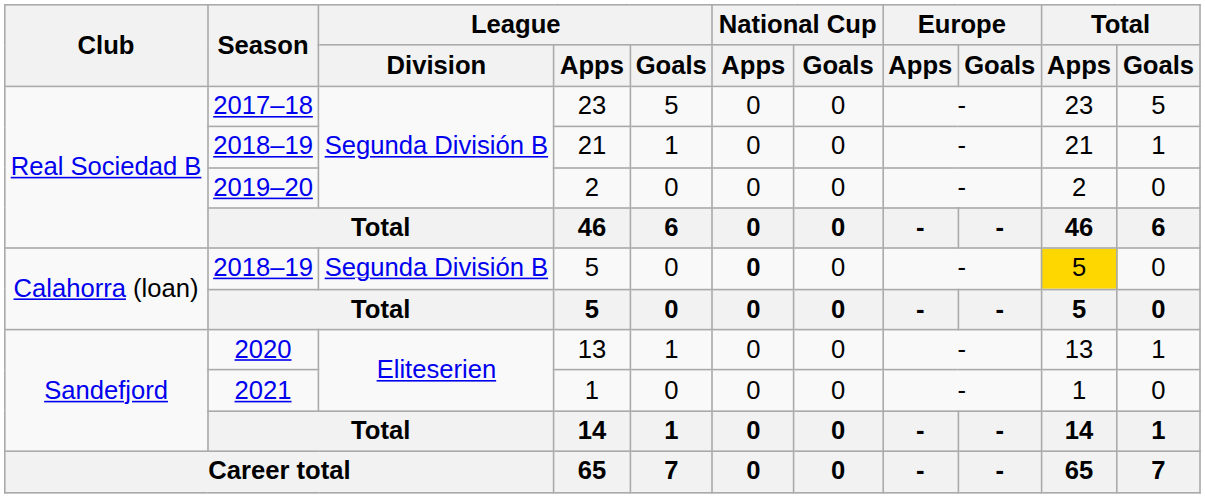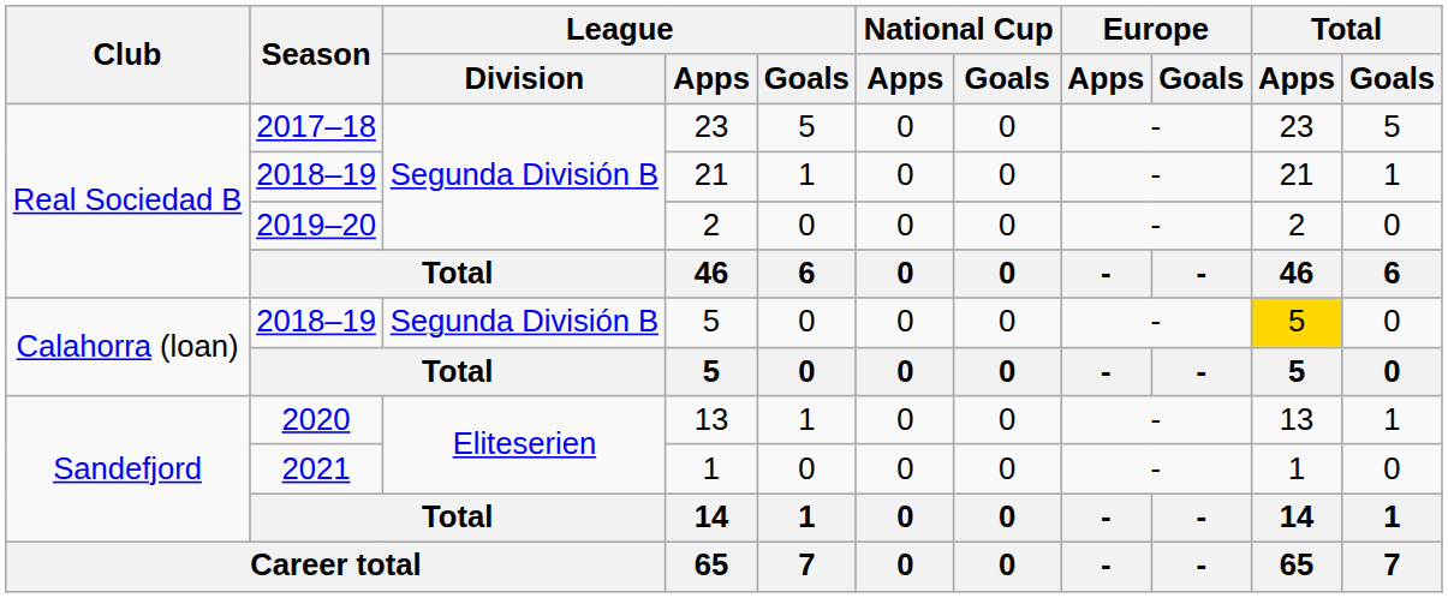 <table class="wikitable" style="text-align: center;">
 <tr>
 <th rowspan="2">Club</th>
 <th rowspan="2">Season</th>
 <th colspan="3">League</th>
 <th colspan="2">National Cup</th>
 <th colspan="2">Europe</th>
 <th colspan="2">Total</th>
 </tr>
 <tr>
 <th>Division</th>
 <th>Apps</th>
 <th>Goals</th>
 <th>Apps</th>
 <th>Goals</th>
 <th>Apps</th>
 <th>Goals</th>
 <th>Apps</th>
 <th>Goals</th>
 </tr>
 <tr>
 <td rowspan="4"><a href='#'>Real Sociedad B</a></td>
 <td><a href='#'>2017–18</a></td>
 <td rowspan="3"><a href='#'>Segunda División B</a></td>
 <td>23</td>
 <td>5</td>
 <td>0</td>
 <td>0</td>
 <td colspan="2">-</td>
 <td>23</td>
 <td>5</td>
 </tr>
 <tr>
 <td><a href='#'>2018–19</a></td>
 <td>21</td>
 <td>1</td>
 <td>0</td>
 <td>0</td>
 <td colspan="2">-</td>
 <td>21</td>
 <td>1</td>
 </tr>
 <tr>
 <td><a href='#'>2019–20</a></td>
 <td>2</td>
 <td>0</td>
 <td>0</td>
 <td>0</td>
 <td colspan="2">-</td>
 <td>2</td>
 <td>0</td>
 </tr>
 <tr>
 <th colspan="2">Total</th>
 <th>46</th>
 <th>6</th>
 <th>0</th>
 <th>0</th>
 <th>-</th>
 <th>-</th>
 <th>46</th>
 <th>6</th>
 </tr>
 <tr>
 <td rowspan="2"><a href='#'>Calahorra</a> (loan)</td>
 <td><a href='#'>2018–19</a></td>
 <td rowspan="1"><a href='#'>Segunda División B</a></td>
 <td>5</td>
 <td>0</td>
-<td><strong>0</strong></td>
+<td>0</td>
 <td>0</td>
 <td colspan="2">-</td>
 <td style="background: gold;">5</td>
 <td>0</td>
 </tr>
 <tr>
 <th colspan="2">Total</th>
 <th>5</th>
 <th>0</th>
 <th>0</th>
 <th>0</th>
 <th>-</th>
 <th>-</th>
 <th>5</th>
 <th>0</th>
 </tr>
 <tr>
 <td rowspan="3"><a href='#'>Sandefjord</a></td>
 <td><a href='#'>2020</a></td>
 <td rowspan="2"><a href='#'>Eliteserien</a></td>
 <td>13</td>
 <td>1</td>
 <td>0</td>
 <td>0</td>
 <td colspan="2">-</td>
 <td>13</td>
 <td>1</td>
 </tr>
 <tr>
 <td><a href='#'>2021</a></td>
 <td>1</td>
 <td>0</td>
 <td>0</td>
 <td>0</td>
 <td colspan="2">-</td>
 <td>1</td>
 <td>0</td>
 </tr>
 <tr>
 <th colspan="2">Total</th>
 <th>14</th>
 <th>1</th>
 <th>0</th>
 <th>0</th>
 <th>-</th>
 <th>-</th>
 <th>14</th>
 <th>1</th>
 </tr>
 <tr>
 <th colspan="3">Career total</th>
 <th>65</th>
 <th>7</th>
 <th>0</th>
 <th>0</th>
 <th>-</th>
 <th>-</th>
 <th>65</th>
 <th>7</th>
 </tr>
 </table>
